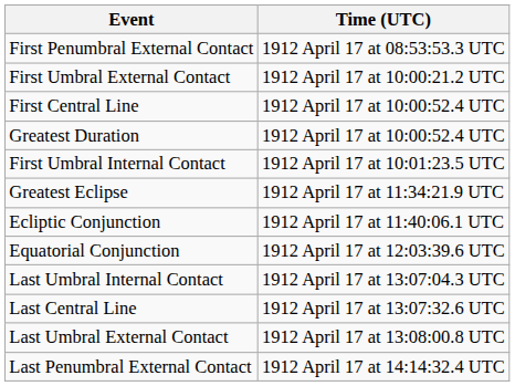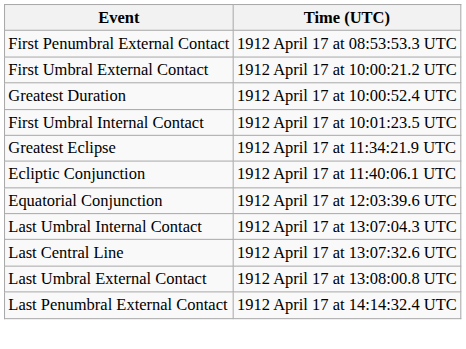 <table class="wikitable">
 <tr>
 <th>Event</th>
 <th>Time (UTC)</th>
 </tr>
 <tr>
 <td>First Penumbral External Contact</td>
 <td>1912 April 17 at 08:53:53.3 UTC</td>
 </tr>
 <tr>
 <td>First Umbral External Contact</td>
 <td>1912 April 17 at 10:00:21.2 UTC</td>
-</tr>
-<tr>
-<td>First Central Line</td>
-<td>1912 April 17 at 10:00:52.4 UTC</td>
 </tr>
 <tr>
 <td>Greatest Duration</td>
 <td>1912 April 17 at 10:00:52.4 UTC</td>
 </tr>
 <tr>
 <td>First Umbral Internal Contact</td>
 <td>1912 April 17 at 10:01:23.5 UTC</td>
 </tr>
 <tr>
 <td>Greatest Eclipse</td>
 <td>1912 April 17 at 11:34:21.9 UTC</td>
 </tr>
 <tr>
 <td>Ecliptic Conjunction</td>
 <td>1912 April 17 at 11:40:06.1 UTC</td>
 </tr>
 <tr>
 <td>Equatorial Conjunction</td>
 <td>1912 April 17 at 12:03:39.6 UTC</td>
 </tr>
 <tr>
 <td>Last Umbral Internal Contact</td>
 <td>1912 April 17 at 13:07:04.3 UTC</td>
 </tr>
 <tr>
 <td>Last Central Line</td>
 <td>1912 April 17 at 13:07:32.6 UTC</td>
 </tr>
 <tr>
 <td>Last Umbral External Contact</td>
 <td>1912 April 17 at 13:08:00.8 UTC</td>
 </tr>
 <tr>
 <td>Last Penumbral External Contact</td>
 <td>1912 April 17 at 14:14:32.4 UTC</td>
 </tr>
 </table>
